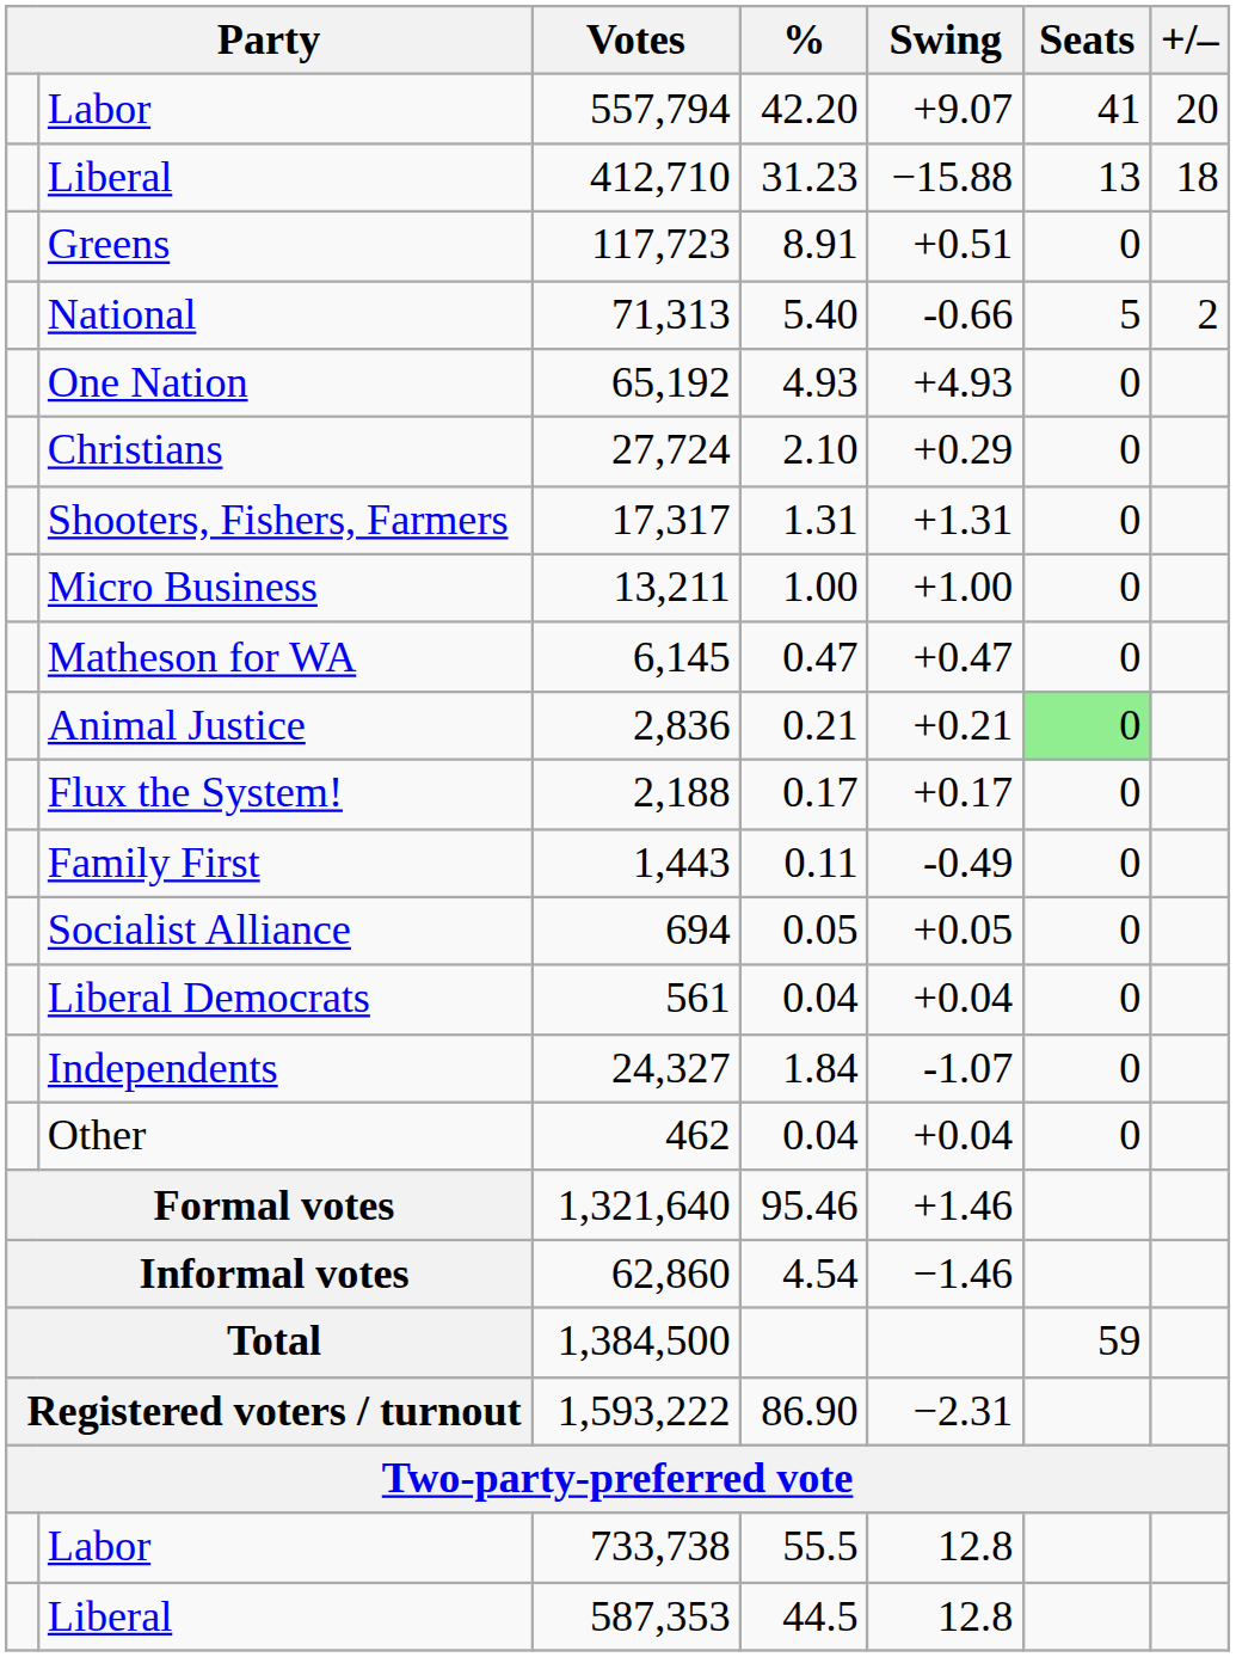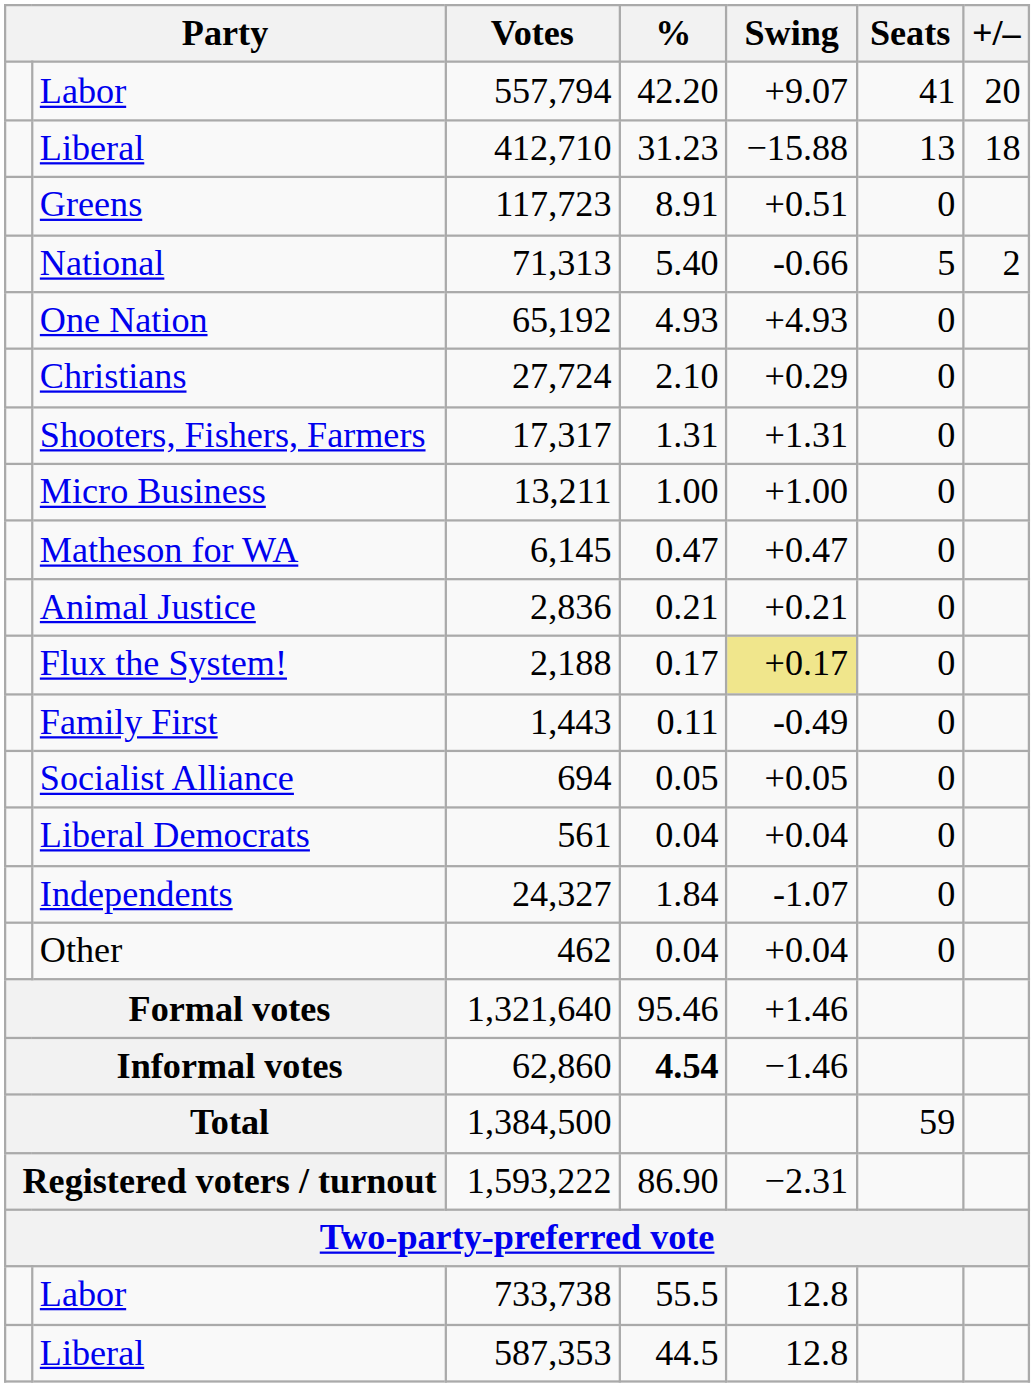 <table class="wikitable" style="text-align:right;  margin-bottom:0">
 <tr>
 <th style="width:10px" colspan=3>Party</th>
 <th style="width:70px;">Votes</th>
 <th style="width:40px;">%</th>
 <th style="width:50px;">Swing</th>
 <th style="width:40px;">Seats</th>
 <th>+/–</th>
 </tr>
 <tr>
 <td> </td>
 <td style="text-align:left;" colspan="2"><a href='#'>Labor</a></td>
 <td>557,794</td>
 <td>42.20</td>
 <td>+9.07</td>
 <td>41</td>
 <td> 20</td>
 </tr>
 <tr>
 <td> </td>
 <td style="text-align:left;" colspan="2"><a href='#'>Liberal</a></td>
 <td>412,710</td>
 <td>31.23</td>
 <td>−15.88</td>
 <td>13</td>
 <td> 18</td>
 </tr>
 <tr>
 <td> </td>
 <td colspan="2" style="text-align:left;"><a href='#'>Greens</a></td>
 <td>117,723</td>
 <td>8.91</td>
 <td>+0.51</td>
 <td>0</td>
 <td></td>
 </tr>
 <tr>
 <td> </td>
 <td colspan="2" style="text-align:left;"><a href='#'>National</a></td>
 <td>71,313</td>
 <td>5.40</td>
 <td>-0.66</td>
 <td>5</td>
 <td> 2</td>
 </tr>
 <tr>
 <td> </td>
 <td colspan="2" style="text-align:left;"><a href='#'>One Nation</a></td>
 <td>65,192</td>
 <td>4.93</td>
 <td>+4.93</td>
 <td>0</td>
 <td></td>
 </tr>
 <tr>
 <td> </td>
 <td colspan="2" style="text-align:left;"><a href='#'>Christians</a></td>
 <td>27,724</td>
 <td>2.10</td>
 <td>+0.29</td>
 <td>0</td>
 <td></td>
 </tr>
 <tr>
 <td> </td>
 <td colspan="2" style="text-align:left;"><a href='#'>Shooters, Fishers, Farmers</a></td>
 <td>17,317</td>
 <td>1.31</td>
 <td>+1.31</td>
 <td>0</td>
 <td></td>
 </tr>
 <tr>
 <td> </td>
 <td colspan="2" style="text-align:left;"><a href='#'>Micro Business</a></td>
 <td>13,211</td>
 <td>1.00</td>
 <td>+1.00</td>
 <td>0</td>
 <td></td>
 </tr>
 <tr>
 <td> </td>
 <td colspan="2" style="text-align:left;"><a href='#'>Matheson for WA</a></td>
 <td>6,145</td>
 <td>0.47</td>
 <td>+0.47</td>
 <td>0</td>
 <td></td>
 </tr>
 <tr>
 <td> </td>
 <td colspan="2" style="text-align:left;"><a href='#'>Animal Justice</a></td>
 <td>2,836</td>
 <td>0.21</td>
 <td>+0.21</td>
-<td style="background: lightgreen;">0</td>
+<td>0</td>
 <td></td>
 </tr>
 <tr>
 <td> </td>
 <td colspan="2" style="text-align:left;"><a href='#'>Flux the System!</a></td>
 <td>2,188</td>
 <td>0.17</td>
-<td>+0.17</td>
+<td style="background: khaki;">+0.17</td>
 <td>0</td>
 <td></td>
 </tr>
 <tr>
 <td> </td>
 <td colspan="2" style="text-align:left;"><a href='#'>Family First</a></td>
 <td>1,443</td>
 <td>0.11</td>
 <td>-0.49</td>
 <td>0</td>
 <td></td>
 </tr>
 <tr>
 <td> </td>
 <td colspan="2" style="text-align:left;"><a href='#'>Socialist Alliance</a></td>
 <td>694</td>
 <td>0.05</td>
 <td>+0.05</td>
 <td>0</td>
 <td></td>
 </tr>
 <tr>
 <td> </td>
 <td colspan="2" style="text-align:left;"><a href='#'>Liberal Democrats</a></td>
 <td>561</td>
 <td>0.04</td>
 <td>+0.04</td>
 <td>0</td>
 <td></td>
 </tr>
 <tr>
 <td> </td>
 <td colspan="2" style="text-align:left;"><a href='#'>Independents</a></td>
 <td>24,327</td>
 <td>1.84</td>
 <td>-1.07</td>
 <td>0</td>
 <td></td>
 </tr>
 <tr>
 <td> </td>
 <td colspan="2" style="text-align:left;">Other</td>
 <td>462</td>
 <td>0.04</td>
 <td>+0.04</td>
 <td>0</td>
 <td></td>
 </tr>
 <tr>
 <th colspan="3" rowspan="1"> Formal votes</th>
 <td>1,321,640</td>
 <td>95.46</td>
 <td>+1.46</td>
 <td></td>
 <td></td>
 </tr>
 <tr>
 <th colspan="3" rowspan="1"> Informal votes</th>
 <td>62,860</td>
-<td>4.54</td>
+<td><strong>4.54</strong></td>
 <td>−1.46</td>
 <td></td>
 <td></td>
 </tr>
 <tr>
 <th colspan="3" rowspan="1"> <strong>Total </strong></th>
 <td>1,384,500</td>
 <td></td>
 <td></td>
 <td>59</td>
 <td></td>
 </tr>
 <tr>
 <th colspan="3" rowspan="1"> Registered voters / turnout</th>
 <td>1,593,222</td>
 <td>86.90</td>
 <td>−2.31</td>
 <td></td>
 <td></td>
 </tr>
 <tr>
 <th colspan="8"><a href='#'>Two-party-preferred vote</a></th>
 </tr>
 <tr>
 <td></td>
 <td style="text-align:left;" colspan="2"><a href='#'>Labor</a></td>
 <td>733,738</td>
 <td>55.5</td>
 <td> 12.8</td>
 <td></td>
 <td></td>
 </tr>
 <tr>
 <td></td>
 <td style="text-align:left;" colspan="2"><a href='#'>Liberal</a></td>
 <td>587,353</td>
 <td>44.5</td>
 <td> 12.8</td>
 <td></td>
 <td></td>
 </tr>
 </table>
